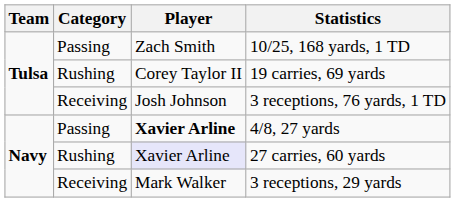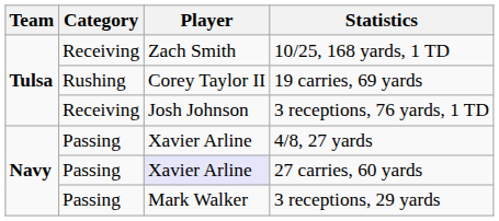 <table class="wikitable" style="float: right;">
 <tr>
 <th>Team</th>
 <th>Category</th>
 <th>Player</th>
 <th>Statistics</th>
 </tr>
 <tr>
 <td rowspan=3><strong>Tulsa</strong></td>
-<td>Passing</td>
+<td>Receiving</td>
 <td>Zach Smith</td>
 <td>10/25, 168 yards, 1 TD</td>
 </tr>
 <tr>
 <td>Rushing</td>
 <td>Corey Taylor II</td>
 <td>19 carries, 69 yards</td>
 </tr>
 <tr>
 <td>Receiving</td>
 <td>Josh Johnson</td>
 <td>3 receptions, 76 yards, 1 TD</td>
 </tr>
 <tr>
 <td rowspan=3><strong>Navy</strong></td>
 <td>Passing</td>
-<td><strong>Xavier Arline</strong></td>
+<td>Xavier Arline</td>
 <td>4/8, 27 yards</td>
 </tr>
 <tr>
-<td>Rushing</td>
+<td>Passing</td>
 <td style="background: lavender;">Xavier Arline</td>
 <td>27 carries, 60 yards</td>
 </tr>
 <tr>
-<td>Receiving</td>
+<td>Passing</td>
 <td>Mark Walker</td>
 <td>3 receptions, 29 yards</td>
 </tr>
 </table>
